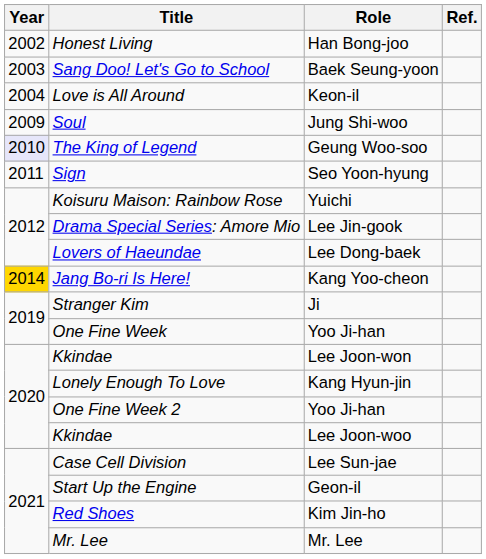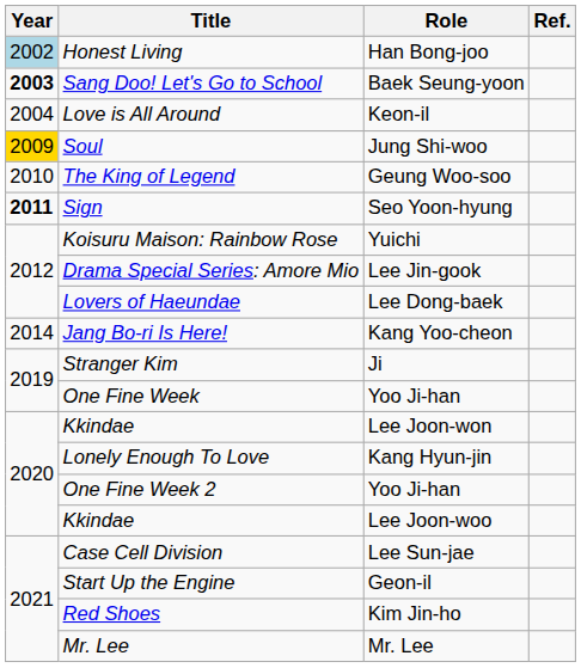 <table class="wikitable">
 <tr>
 <th>Year</th>
 <th>Title</th>
 <th>Role</th>
 <th>Ref.</th>
 </tr>
 <tr>
-<td>2002</td>
+<td style="background: lightblue;">2002</td>
 <td><em>Honest Living</em></td>
 <td>Han Bong-joo</td>
 <td></td>
 </tr>
 <tr>
-<td>2003</td>
+<td><strong>2003</strong></td>
 <td><em><a href='#'>Sang Doo! Let's Go to School</a></em></td>
 <td>Baek Seung-yoon</td>
 <td></td>
 </tr>
 <tr>
 <td>2004</td>
 <td><em>Love is All Around</em></td>
 <td>Keon-il</td>
 <td></td>
 </tr>
 <tr>
-<td>2009</td>
+<td style="background: gold;">2009</td>
 <td><em><a href='#'>Soul</a></em></td>
 <td>Jung Shi-woo</td>
 <td></td>
 </tr>
 <tr>
-<td style="background: lavender;">2010</td>
+<td>2010</td>
 <td><em><a href='#'>The King of Legend</a></em></td>
 <td>Geung Woo-soo</td>
 <td></td>
 </tr>
 <tr>
-<td>2011</td>
+<td><strong>2011</strong></td>
 <td><em><a href='#'>Sign</a></em></td>
 <td>Seo Yoon-hyung</td>
 <td></td>
 </tr>
 <tr>
 <td rowspan="3">2012</td>
 <td><em>Koisuru Maison: Rainbow Rose</em></td>
 <td>Yuichi</td>
 <td></td>
 </tr>
 <tr>
 <td><em><a href='#'>Drama Special Series</a>: Amore Mio</em></td>
 <td>Lee Jin-gook</td>
 <td></td>
 </tr>
 <tr>
 <td><em><a href='#'>Lovers of Haeundae</a></em></td>
 <td>Lee Dong-baek</td>
 <td></td>
 </tr>
 <tr>
-<td style="background: gold;">2014</td>
+<td>2014</td>
 <td><em><a href='#'>Jang Bo-ri Is Here!</a></em></td>
 <td>Kang Yoo-cheon</td>
 <td></td>
 </tr>
 <tr>
 <td rowspan="2">2019</td>
 <td><em>Stranger Kim</em></td>
 <td>Ji</td>
 <td></td>
 </tr>
 <tr>
 <td><em>One Fine Week</em></td>
 <td>Yoo Ji-han</td>
 <td></td>
 </tr>
 <tr>
 <td rowspan="4">2020</td>
 <td><em>Kkindae</em></td>
 <td>Lee Joon-won</td>
 <td></td>
 </tr>
 <tr>
 <td><em>Lonely Enough To Love</em></td>
 <td>Kang Hyun-jin</td>
 <td></td>
 </tr>
 <tr>
 <td><em>One Fine Week 2</em></td>
 <td>Yoo Ji-han</td>
 <td></td>
 </tr>
 <tr>
 <td><em>Kkindae</em></td>
 <td>Lee Joon-woo</td>
 <td></td>
 </tr>
 <tr>
 <td rowspan="4">2021</td>
 <td><em>Case Cell Division</em></td>
 <td>Lee Sun-jae</td>
 <td></td>
 </tr>
 <tr>
 <td><em>Start Up the Engine</em></td>
 <td>Geon-il</td>
 <td></td>
 </tr>
 <tr>
 <td><em><a href='#'>Red Shoes</a></em></td>
 <td>Kim Jin-ho</td>
 <td></td>
 </tr>
 <tr>
 <td><em>Mr. Lee</em></td>
 <td>Mr. Lee</td>
 <td></td>
 </tr>
 </table>
